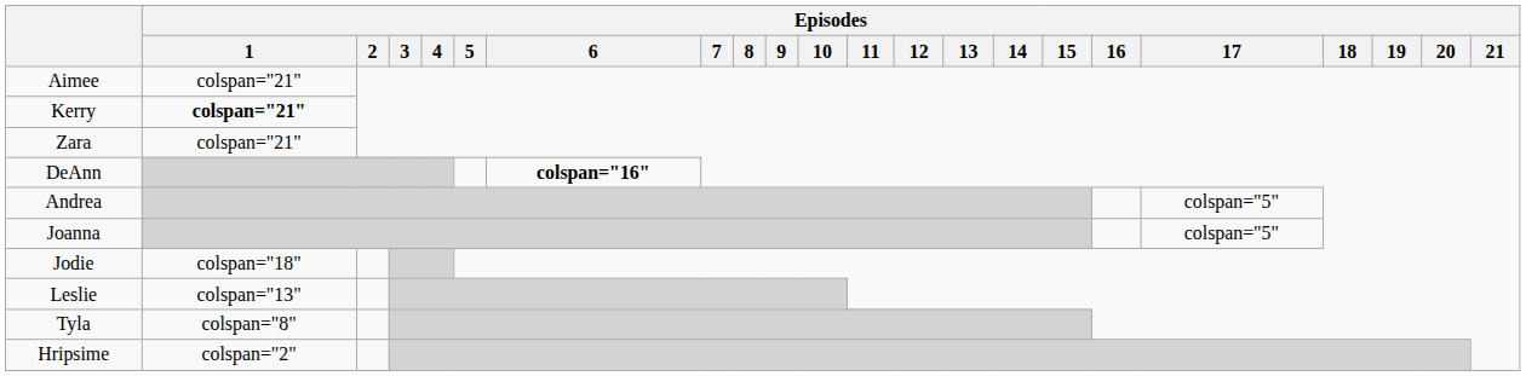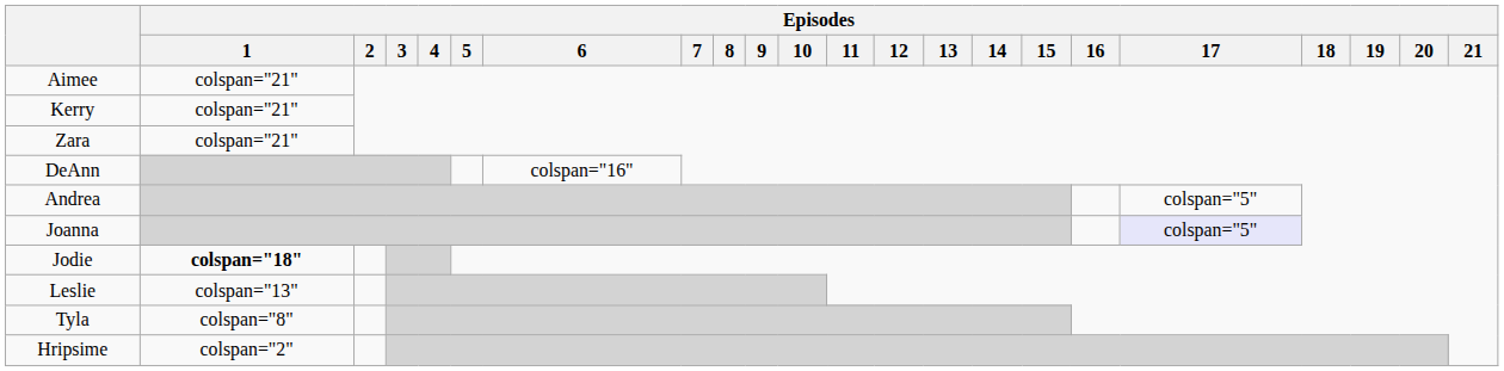 <table class="wikitable plainrowheaders" style="text-align:center; width:100%;">
 <tr>
 <th scope="col" rowspan="2" style="width:9%;"></th>
 <th scope="col" colspan="21">Episodes</th>
 </tr>
 <tr>
 <th scope="col">1</th>
 <th scope="col">2</th>
 <th scope="col">3</th>
 <th scope="col">4</th>
 <th scope="col">5</th>
 <th scope="col">6</th>
 <th scope="col">7</th>
 <th scope="col">8</th>
 <th scope="col">9</th>
 <th scope="col">10</th>
 <th scope="col">11</th>
 <th scope="col">12</th>
 <th scope="col">13</th>
 <th scope="col">14</th>
 <th scope="col">15</th>
 <th scope="col">16</th>
 <th scope="col">17</th>
 <th scope="col">18</th>
 <th scope="col">19</th>
 <th scope="col">20</th>
 <th scope="col">21</th>
 </tr>
 <tr>
 <td scope="row">Aimee</td>
 <td>colspan="21" </td>
 </tr>
 <tr>
 <td scope="row">Kerry</td>
-<td><strong>colspan="21" </strong></td>
+<td>colspan="21" </td>
 </tr>
 <tr>
 <td scope="row">Zara</td>
 <td>colspan="21" </td>
 </tr>
 <tr>
 <td scope="row">DeAnn</td>
 <td colspan="4" style="background:lightgrey;"></td>
 <td></td>
-<td><strong>colspan="16" </strong></td>
+<td>colspan="16" </td>
 </tr>
 <tr>
 <td scope="row">Andrea</td>
 <td colspan="15" style="background:lightgrey;"></td>
 <td></td>
 <td>colspan="5" </td>
 </tr>
 <tr>
 <td scope="row">Joanna</td>
 <td colspan="15" style="background:lightgrey;"></td>
 <td></td>
-<td>colspan="5" </td>
+<td style="background: lavender;">colspan="5" </td>
 </tr>
 <tr>
 <td scope="row">Jodie</td>
-<td>colspan="18" </td>
+<td><strong>colspan="18" </strong></td>
 <td></td>
 <td colspan="2" style="background:lightgrey;"></td>
 </tr>
 <tr>
 <td scope="row">Leslie</td>
 <td>colspan="13" </td>
 <td></td>
 <td colspan="8" style="background:lightgrey;"></td>
 </tr>
 <tr>
 <td scope="row">Tyla</td>
 <td>colspan="8" </td>
 <td></td>
 <td colspan="13" style="background:lightgrey;"></td>
 </tr>
 <tr>
 <td scope="row">Hripsime</td>
 <td>colspan="2" </td>
 <td></td>
 <td colspan="18" style="background:lightgrey;"></td>
 </tr>
 </table>
